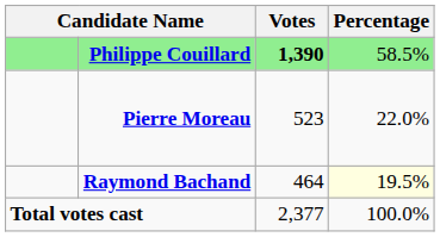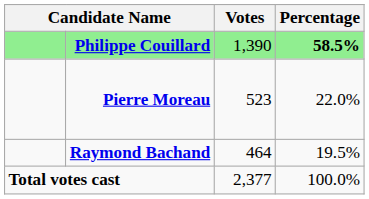 <table class="wikitable">
 <tr>
 <th colspan = "2">Candidate Name</th>
 <th width = "50">Votes</th>
 <th>Percentage</th>
 </tr>
 <tr style="text-align:right;background:lightgreen;">
 <td width="50"></td>
 <td><strong><a href='#'>Philippe Couillard</a></strong></td>
-<td><strong>1,390</strong></td>
-<td>58.5%</td>
+<td>1,390</td>
+<td><strong>58.5%</strong></td>
 </tr>
 <tr style="text-align:right;height:75px;">
 <td width="50"></td>
 <td><strong><a href='#'>Pierre Moreau</a></strong></td>
 <td>523</td>
 <td>22.0%</td>
 </tr>
 <tr style="text-align:right;">
 <td></td>
 <td><strong><a href='#'>Raymond Bachand</a></strong></td>
 <td>464</td>
-<td style="background: lightyellow;">19.5%</td>
+<td>19.5%</td>
 </tr>
 <tr style="text-align:right;">
 <td colspan = "2" style="text-align:left;"><strong>Total votes cast</strong></td>
 <td>2,377</td>
 <td>100.0%</td>
 </tr>
 </table>
